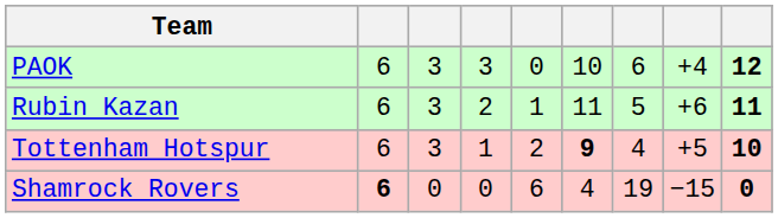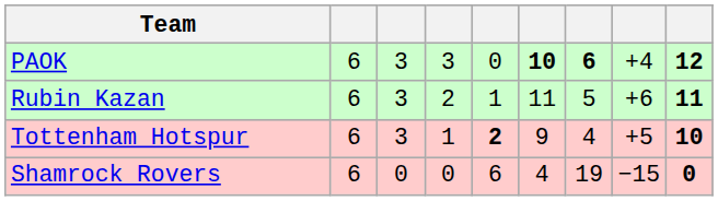 <table class="wikitable" style="text-align: center;">
 <tr>
 <th width=175>Team</th>
 <th width=20></th>
 <th width=20></th>
 <th width=20></th>
 <th width=20></th>
 <th width=20></th>
 <th width=20></th>
 <th width=20></th>
 <th width=20></th>
 </tr>
 <tr bgcolor="#ccffcc">
 <td align=left> <a href='#'>PAOK</a></td>
 <td>6</td>
 <td>3</td>
 <td>3</td>
 <td>0</td>
-<td>10</td>
-<td>6</td>
+<td><strong>10</strong></td>
+<td><strong>6</strong></td>
 <td>+4</td>
 <td><strong>12</strong></td>
 </tr>
 <tr bgcolor="#ccffcc">
 <td align=left> <a href='#'>Rubin Kazan</a></td>
 <td>6</td>
 <td>3</td>
 <td>2</td>
 <td>1</td>
 <td>11</td>
 <td>5</td>
 <td>+6</td>
 <td><strong>11</strong></td>
 </tr>
 <tr bgcolor=ffcccc>
 <td align=left> <a href='#'>Tottenham Hotspur</a></td>
 <td>6</td>
 <td>3</td>
 <td>1</td>
-<td>2</td>
-<td><strong>9</strong></td>
+<td><strong>2</strong></td>
+<td>9</td>
 <td>4</td>
 <td>+5</td>
 <td><strong>10</strong></td>
 </tr>
 <tr bgcolor=ffcccc>
 <td align=left> <a href='#'>Shamrock Rovers</a></td>
-<td><strong>6</strong></td>
+<td>6</td>
 <td>0</td>
 <td>0</td>
 <td>6</td>
 <td>4</td>
 <td>19</td>
 <td>−15</td>
 <td><strong>0</strong></td>
 </tr>
 </table>
